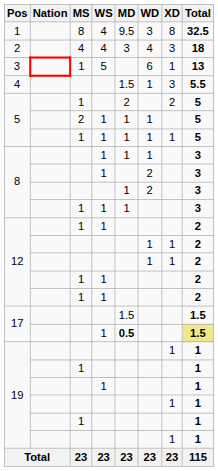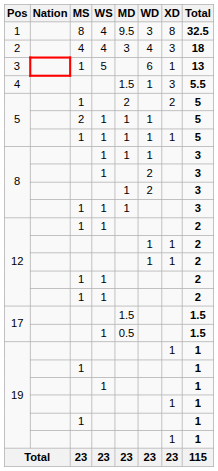 <table class="wikitable" style="text-align:center">
 <tr>
 <th>Pos</th>
 <th>Nation</th>
 <th>MS</th>
 <th>WS</th>
 <th>MD</th>
 <th>WD</th>
 <th>XD</th>
 <th>Total</th>
 </tr>
 <tr>
 <td>1</td>
 <td align="left"></td>
 <td>8</td>
 <td>4</td>
 <td>9.5</td>
 <td>3</td>
 <td>8</td>
 <td><strong>32.5</strong></td>
 </tr>
 <tr>
 <td>2</td>
 <td align="left"></td>
 <td>4</td>
 <td>4</td>
 <td>3</td>
 <td>4</td>
 <td>3</td>
 <td><strong>18</strong></td>
 </tr>
 <tr>
 <td>3</td>
 <td align="left" style="border: 3px solid red"></td>
 <td>1</td>
 <td>5</td>
 <td></td>
 <td>6</td>
 <td>1</td>
 <td><strong>13</strong></td>
 </tr>
 <tr>
 <td>4</td>
 <td align="left"></td>
 <td></td>
 <td></td>
 <td>1.5</td>
 <td>1</td>
 <td>3</td>
 <td><strong>5.5</strong></td>
 </tr>
 <tr>
 <td rowspan="3">5</td>
 <td align="left"></td>
 <td>1</td>
 <td></td>
 <td>2</td>
 <td></td>
 <td>2</td>
 <td><strong>5</strong></td>
 </tr>
 <tr>
 <td align="left"></td>
 <td>2</td>
 <td>1</td>
 <td>1</td>
 <td>1</td>
 <td></td>
 <td><strong>5</strong></td>
 </tr>
 <tr>
 <td align="left"></td>
 <td>1</td>
 <td>1</td>
 <td>1</td>
 <td>1</td>
 <td>1</td>
 <td><strong>5</strong></td>
 </tr>
 <tr>
 <td rowspan="4">8</td>
 <td align="left"></td>
 <td></td>
 <td>1</td>
 <td>1</td>
 <td>1</td>
 <td></td>
 <td><strong>3</strong></td>
 </tr>
 <tr>
 <td align="left"></td>
 <td></td>
 <td>1</td>
 <td></td>
 <td>2</td>
 <td></td>
 <td><strong>3</strong></td>
 </tr>
 <tr>
 <td align="left"></td>
 <td></td>
 <td></td>
 <td>1</td>
 <td>2</td>
 <td></td>
 <td><strong>3</strong></td>
 </tr>
 <tr>
 <td align="left"></td>
 <td>1</td>
 <td>1</td>
 <td>1</td>
 <td></td>
 <td></td>
 <td><strong>3</strong></td>
 </tr>
 <tr>
 <td rowspan="5">12</td>
 <td align="left"></td>
 <td>1</td>
 <td>1</td>
 <td></td>
 <td></td>
 <td></td>
 <td><strong>2</strong></td>
 </tr>
 <tr>
 <td align="left"></td>
 <td></td>
 <td></td>
 <td></td>
 <td>1</td>
 <td>1</td>
 <td><strong>2</strong></td>
 </tr>
 <tr>
 <td align="left"></td>
 <td></td>
 <td></td>
 <td></td>
 <td>1</td>
 <td>1</td>
 <td><strong>2</strong></td>
 </tr>
 <tr>
 <td align="left"></td>
 <td>1</td>
 <td>1</td>
 <td></td>
 <td></td>
 <td></td>
 <td><strong>2</strong></td>
 </tr>
 <tr>
 <td align="left"></td>
 <td>1</td>
 <td>1</td>
 <td></td>
 <td></td>
 <td></td>
 <td><strong>2</strong></td>
 </tr>
 <tr>
 <td rowspan="2">17</td>
 <td align="left"></td>
 <td></td>
 <td></td>
 <td>1.5</td>
 <td></td>
 <td></td>
 <td><strong>1.5</strong></td>
 </tr>
 <tr>
 <td align="left"></td>
 <td></td>
 <td>1</td>
-<td><strong>0.5</strong></td>
+<td>0.5</td>
 <td></td>
 <td></td>
-<td style="background: khaki;"><strong>1.5</strong></td>
+<td><strong>1.5</strong></td>
 </tr>
 <tr>
 <td rowspan="6">19</td>
 <td align="left"></td>
 <td></td>
 <td></td>
 <td></td>
 <td></td>
 <td>1</td>
 <td><strong>1</strong></td>
 </tr>
 <tr>
 <td align="left"></td>
 <td>1</td>
 <td></td>
 <td></td>
 <td></td>
 <td></td>
 <td><strong>1</strong></td>
 </tr>
 <tr>
 <td align="left"></td>
 <td></td>
 <td>1</td>
 <td></td>
 <td></td>
 <td></td>
 <td><strong>1</strong></td>
 </tr>
 <tr>
 <td align="left"></td>
 <td></td>
 <td></td>
 <td></td>
 <td></td>
 <td>1</td>
 <td><strong>1</strong></td>
 </tr>
 <tr>
 <td align="left"></td>
 <td>1</td>
 <td></td>
 <td></td>
 <td></td>
 <td></td>
 <td><strong>1</strong></td>
 </tr>
 <tr>
 <td align="left"></td>
 <td></td>
 <td></td>
 <td></td>
 <td></td>
 <td>1</td>
 <td><strong>1</strong></td>
 </tr>
 <tr>
 <th colspan="2">Total</th>
 <th>23</th>
 <th>23</th>
 <th>23</th>
 <th>23</th>
 <th>23</th>
 <th>115</th>
 </tr>
 </table>
